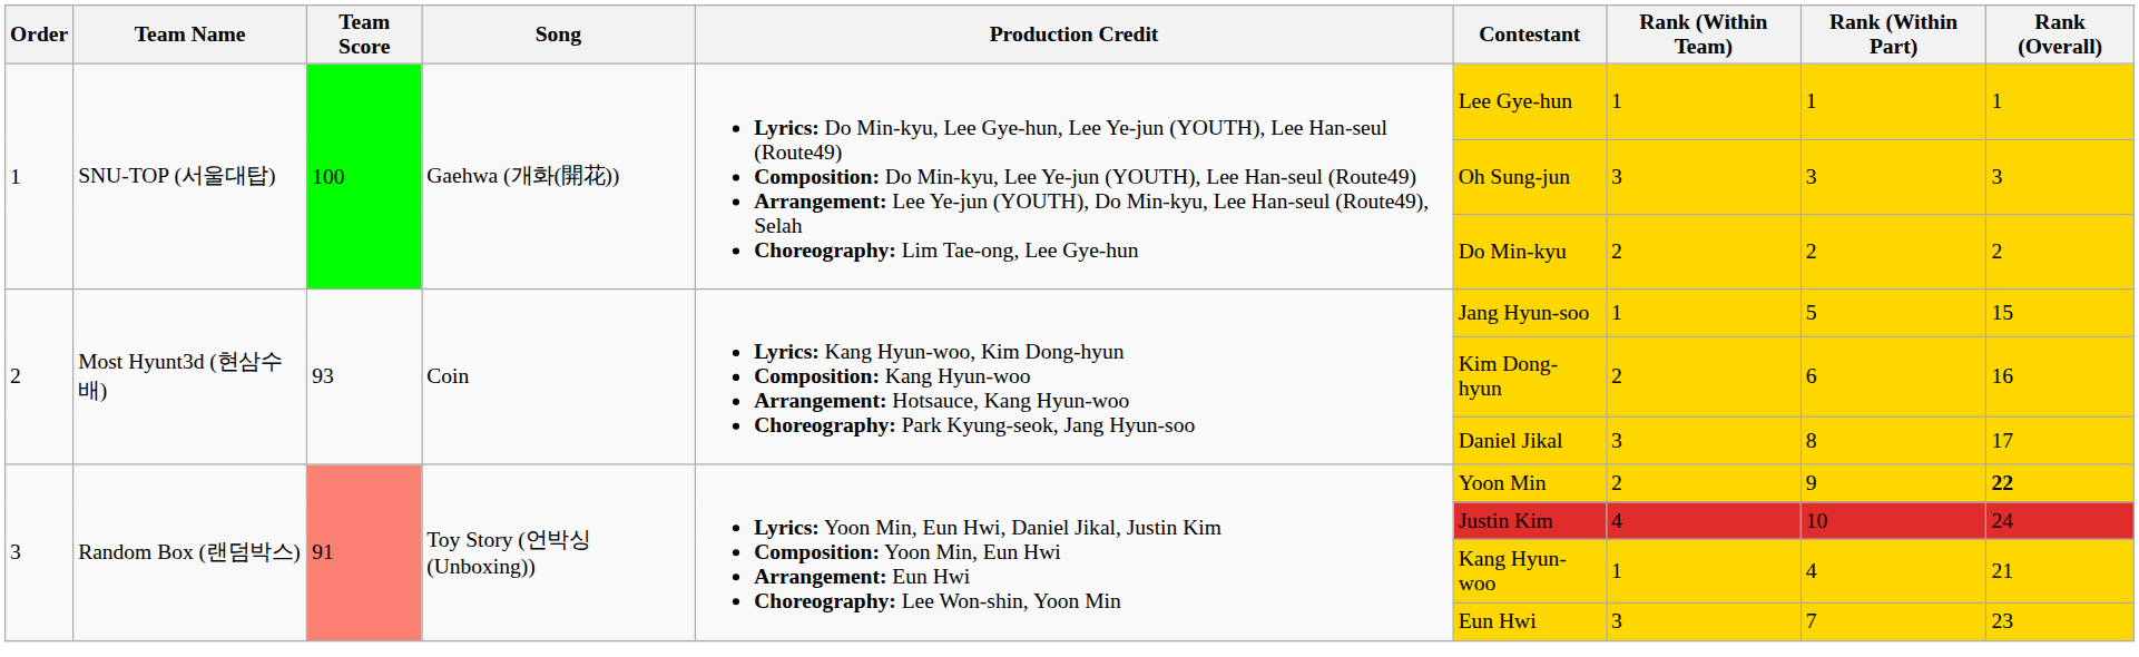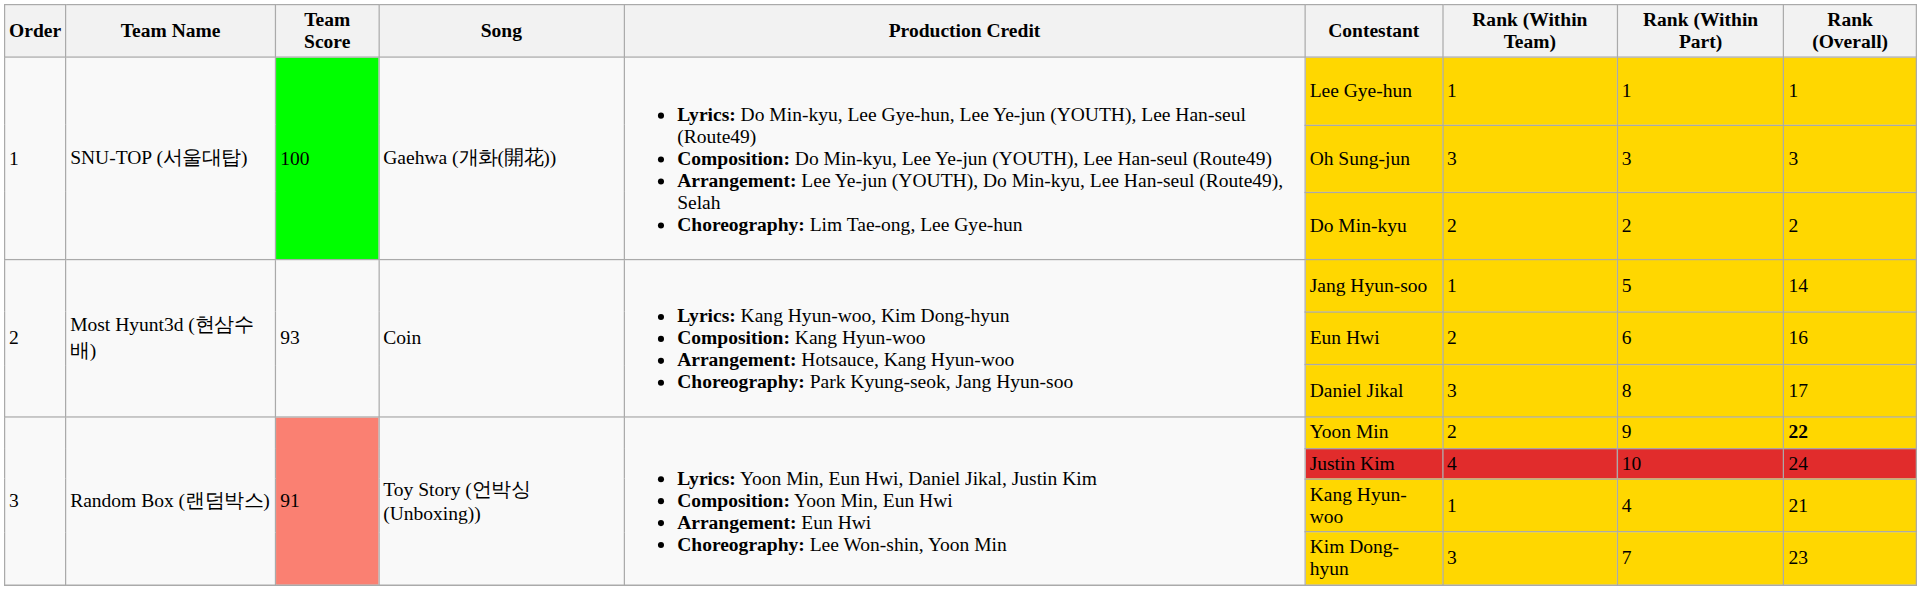 <table class="wikitable">
 <tr>
 <th>Order</th>
 <th>Team Name</th>
 <th>Team Score</th>
 <th>Song</th>
 <th>Production Credit</th>
 <th>Contestant</th>
 <th>Rank (Within Team)</th>
 <th>Rank (Within Part)</th>
 <th>Rank (Overall)</th>
 </tr>
 <tr>
 <td rowspan="3">1</td>
 <td rowspan="3">SNU-TOP (서울대탑)</td>
 <td rowspan="3" style="background:#00FF00;">100</td>
 <td rowspan="3">Gaehwa (개화(開花))</td>
 <td rowspan="3"><br><ul><li><strong>Lyrics:</strong> Do Min-kyu, Lee Gye-hun, Lee Ye-jun (YOUTH), Lee Han-seul (Route49)</li><li><strong>Composition:</strong> Do Min-kyu, Lee Ye-jun (YOUTH), Lee Han-seul (Route49)</li><li><strong>Arrangement:</strong> Lee Ye-jun (YOUTH), Do Min-kyu, Lee Han-seul (Route49), Selah</li><li><strong>Choreography:</strong> Lim Tae-ong, Lee Gye-hun</li></ul></td>
 <td style="background:#FFD700;">Lee Gye-hun</td>
 <td style="background:#FFD700;">1</td>
 <td style="background:#FFD700;">1</td>
 <td style="background:#FFD700;">1</td>
 </tr>
 <tr style="background:#FFD700;">
 <td>Oh Sung-jun</td>
 <td>3</td>
 <td>3</td>
 <td>3</td>
 </tr>
 <tr style="background:#FFD700;">
 <td>Do Min-kyu</td>
 <td>2</td>
 <td>2</td>
 <td>2</td>
 </tr>
 <tr>
 <td rowspan="3">2</td>
 <td rowspan="3">Most Hyunt3d (현삼수배)</td>
 <td rowspan="3">93</td>
 <td rowspan="3">Coin</td>
 <td rowspan="3"><br><ul><li><strong>Lyrics:</strong> Kang Hyun-woo, Kim Dong-hyun</li><li><strong>Composition:</strong> Kang Hyun-woo</li><li><strong>Arrangement:</strong> Hotsauce, Kang Hyun-woo</li><li><strong>Choreography:</strong> Park Kyung-seok, Jang Hyun-soo</li></ul></td>
 <td style="background:#FFD700;">Jang Hyun-soo</td>
 <td style="background:#FFD700;">1</td>
 <td style="background:#FFD700;">5</td>
-<td style="background:#FFD700;">15</td>
+<td style="background:#FFD700;">14</td>
 </tr>
 <tr style="background:#FFD700;">
-<td>Kim Dong-hyun</td>
+<td>Eun Hwi</td>
 <td>2</td>
 <td>6</td>
 <td>16</td>
 </tr>
 <tr style="background:#FFD700;">
 <td>Daniel Jikal</td>
 <td>3</td>
 <td>8</td>
 <td>17</td>
 </tr>
 <tr>
 <td rowspan="4">3</td>
 <td rowspan="4">Random Box (랜덤박스)</td>
 <td rowspan="4" style="background:salmon">91</td>
 <td rowspan="4">Toy Story (언박싱(Unboxing))</td>
 <td rowspan="4"><br><ul><li><strong>Lyrics:</strong> Yoon Min, Eun Hwi, Daniel Jikal, Justin Kim</li><li><strong>Composition:</strong> Yoon Min, Eun Hwi</li><li><strong>Arrangement:</strong> Eun Hwi</li><li><strong>Choreography:</strong> Lee Won-shin, Yoon Min</li></ul></td>
 <td style="background:#FFD700;">Yoon Min</td>
 <td style="background:#FFD700;">2</td>
 <td style="background:#FFD700;">9</td>
 <td style="background:#FFD700;"><strong>22</strong></td>
 </tr>
 <tr style="background:#E12C2C">
 <td>Justin Kim</td>
 <td>4</td>
 <td>10</td>
 <td>24</td>
 </tr>
 <tr style="background:#FFD700;">
 <td>Kang Hyun-woo</td>
 <td>1</td>
 <td>4</td>
 <td>21</td>
 </tr>
 <tr style="background:#FFD700;">
-<td>Eun Hwi</td>
+<td>Kim Dong-hyun</td>
 <td>3</td>
 <td>7</td>
 <td>23</td>
 </tr>
 <tr>
 </tr>
 </table>
